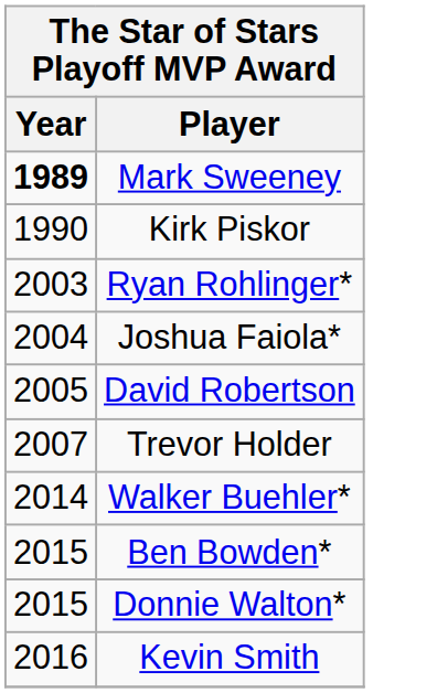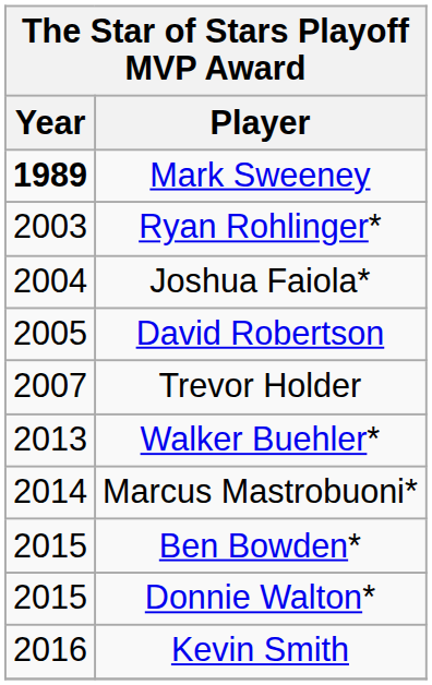 <table class="wikitable" style="display: inline-table; margin-right: 20px; text-align:center">
 <tr>
 <th scope="col" colspan="2" style="width: 145px;">The Star of Stars Playoff MVP Award</th>
 </tr>
 <tr>
 <th scope="col">Year</th>
 <th scope="col">Player</th>
 </tr>
 <tr>
 <td><strong>1989</strong></td>
 <td><a href='#'>Mark Sweeney</a></td>
-</tr>
-<tr>
-<td>1990</td>
-<td>Kirk Piskor</td>
 </tr>
 <tr>
 <td>2003</td>
 <td><a href='#'>Ryan Rohlinger</a>*</td>
 </tr>
 <tr>
 <td>2004</td>
 <td>Joshua Faiola*</td>
 </tr>
 <tr>
 <td>2005</td>
 <td><a href='#'>David Robertson</a></td>
 </tr>
 <tr>
 <td>2007</td>
 <td>Trevor Holder</td>
 </tr>
 <tr>
+<td>2013</td>
+<td><a href='#'>Walker Buehler</a>*</td>
+</tr>
+<tr>
 <td>2014</td>
-<td><a href='#'>Walker Buehler</a>*</td>
+<td>Marcus Mastrobuoni*</td>
 </tr>
 <tr>
 <td>2015</td>
 <td><a href='#'>Ben Bowden</a>*</td>
 </tr>
 <tr>
 <td>2015</td>
 <td><a href='#'>Donnie Walton</a>*</td>
 </tr>
 <tr>
 <td>2016</td>
 <td><a href='#'>Kevin Smith</a></td>
 </tr>
 <tr>
 </tr>
 </table>
